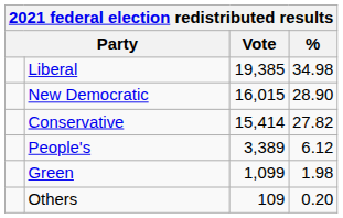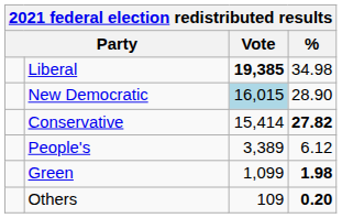 <table class="wikitable">
 <tr>
 <th colspan="4"><a href='#'>2021 federal election</a> redistributed results</th>
 </tr>
 <tr>
 <th bgcolor="#DDDDFF" width="130px" colspan="2">Party</th>
 <th bgcolor="#DDDDFF" width="50px">Vote</th>
 <th bgcolor="#DDDDFF" width="30px">%</th>
 </tr>
 <tr>
 <td> </td>
 <td><a href='#'>Liberal</a></td>
-<td align=right>19,385</td>
+<td align=right><strong>19,385</strong></td>
 <td align=right>34.98</td>
 </tr>
 <tr>
 <td> </td>
 <td><a href='#'>New Democratic</a></td>
-<td align=right>16,015</td>
+<td align=right style="background: lightblue;">16,015</td>
 <td align=right>28.90</td>
 </tr>
 <tr>
 <td> </td>
 <td><a href='#'>Conservative</a></td>
 <td align=right>15,414</td>
-<td align=right>27.82</td>
+<td align=right><strong>27.82</strong></td>
 </tr>
 <tr>
 <td> </td>
 <td><a href='#'>People's</a></td>
 <td align=right>3,389</td>
 <td align=right>6.12</td>
 </tr>
 <tr>
 <td> </td>
 <td><a href='#'>Green</a></td>
 <td align=right>1,099</td>
-<td align=right>1.98</td>
+<td align=right><strong>1.98</strong></td>
 </tr>
 <tr>
 <td> </td>
 <td>Others</td>
 <td align=right>109</td>
-<td align=right>0.20</td>
+<td align=right><strong>0.20</strong></td>
 </tr>
 </table>
